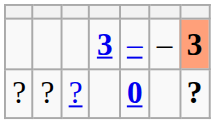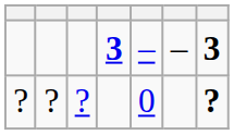 <table class="wikitable" style="text-align:center;">
 <tr>
 <th></th>
 <th></th>
 <th></th>
 <th></th>
 <th></th>
 <th></th>
 <th></th>
 </tr>
 <tr>
 <td></td>
 <td></td>
 <td></td>
 <td><strong><a href='#'>3</a></strong></td>
 <td><a href='#'>–</a></td>
 <td>–</td>
-<td style="background: lightsalmon;"><strong>3</strong></td>
+<td><strong>3</strong></td>
 </tr>
 <tr>
 <td>?</td>
 <td>?</td>
 <td><a href='#'>?</a></td>
 <td></td>
-<td><strong><a href='#'>0</a></strong></td>
+<td><a href='#'>0</a></td>
 <td></td>
 <td><strong>?</strong></td>
 </tr>
 </table>
